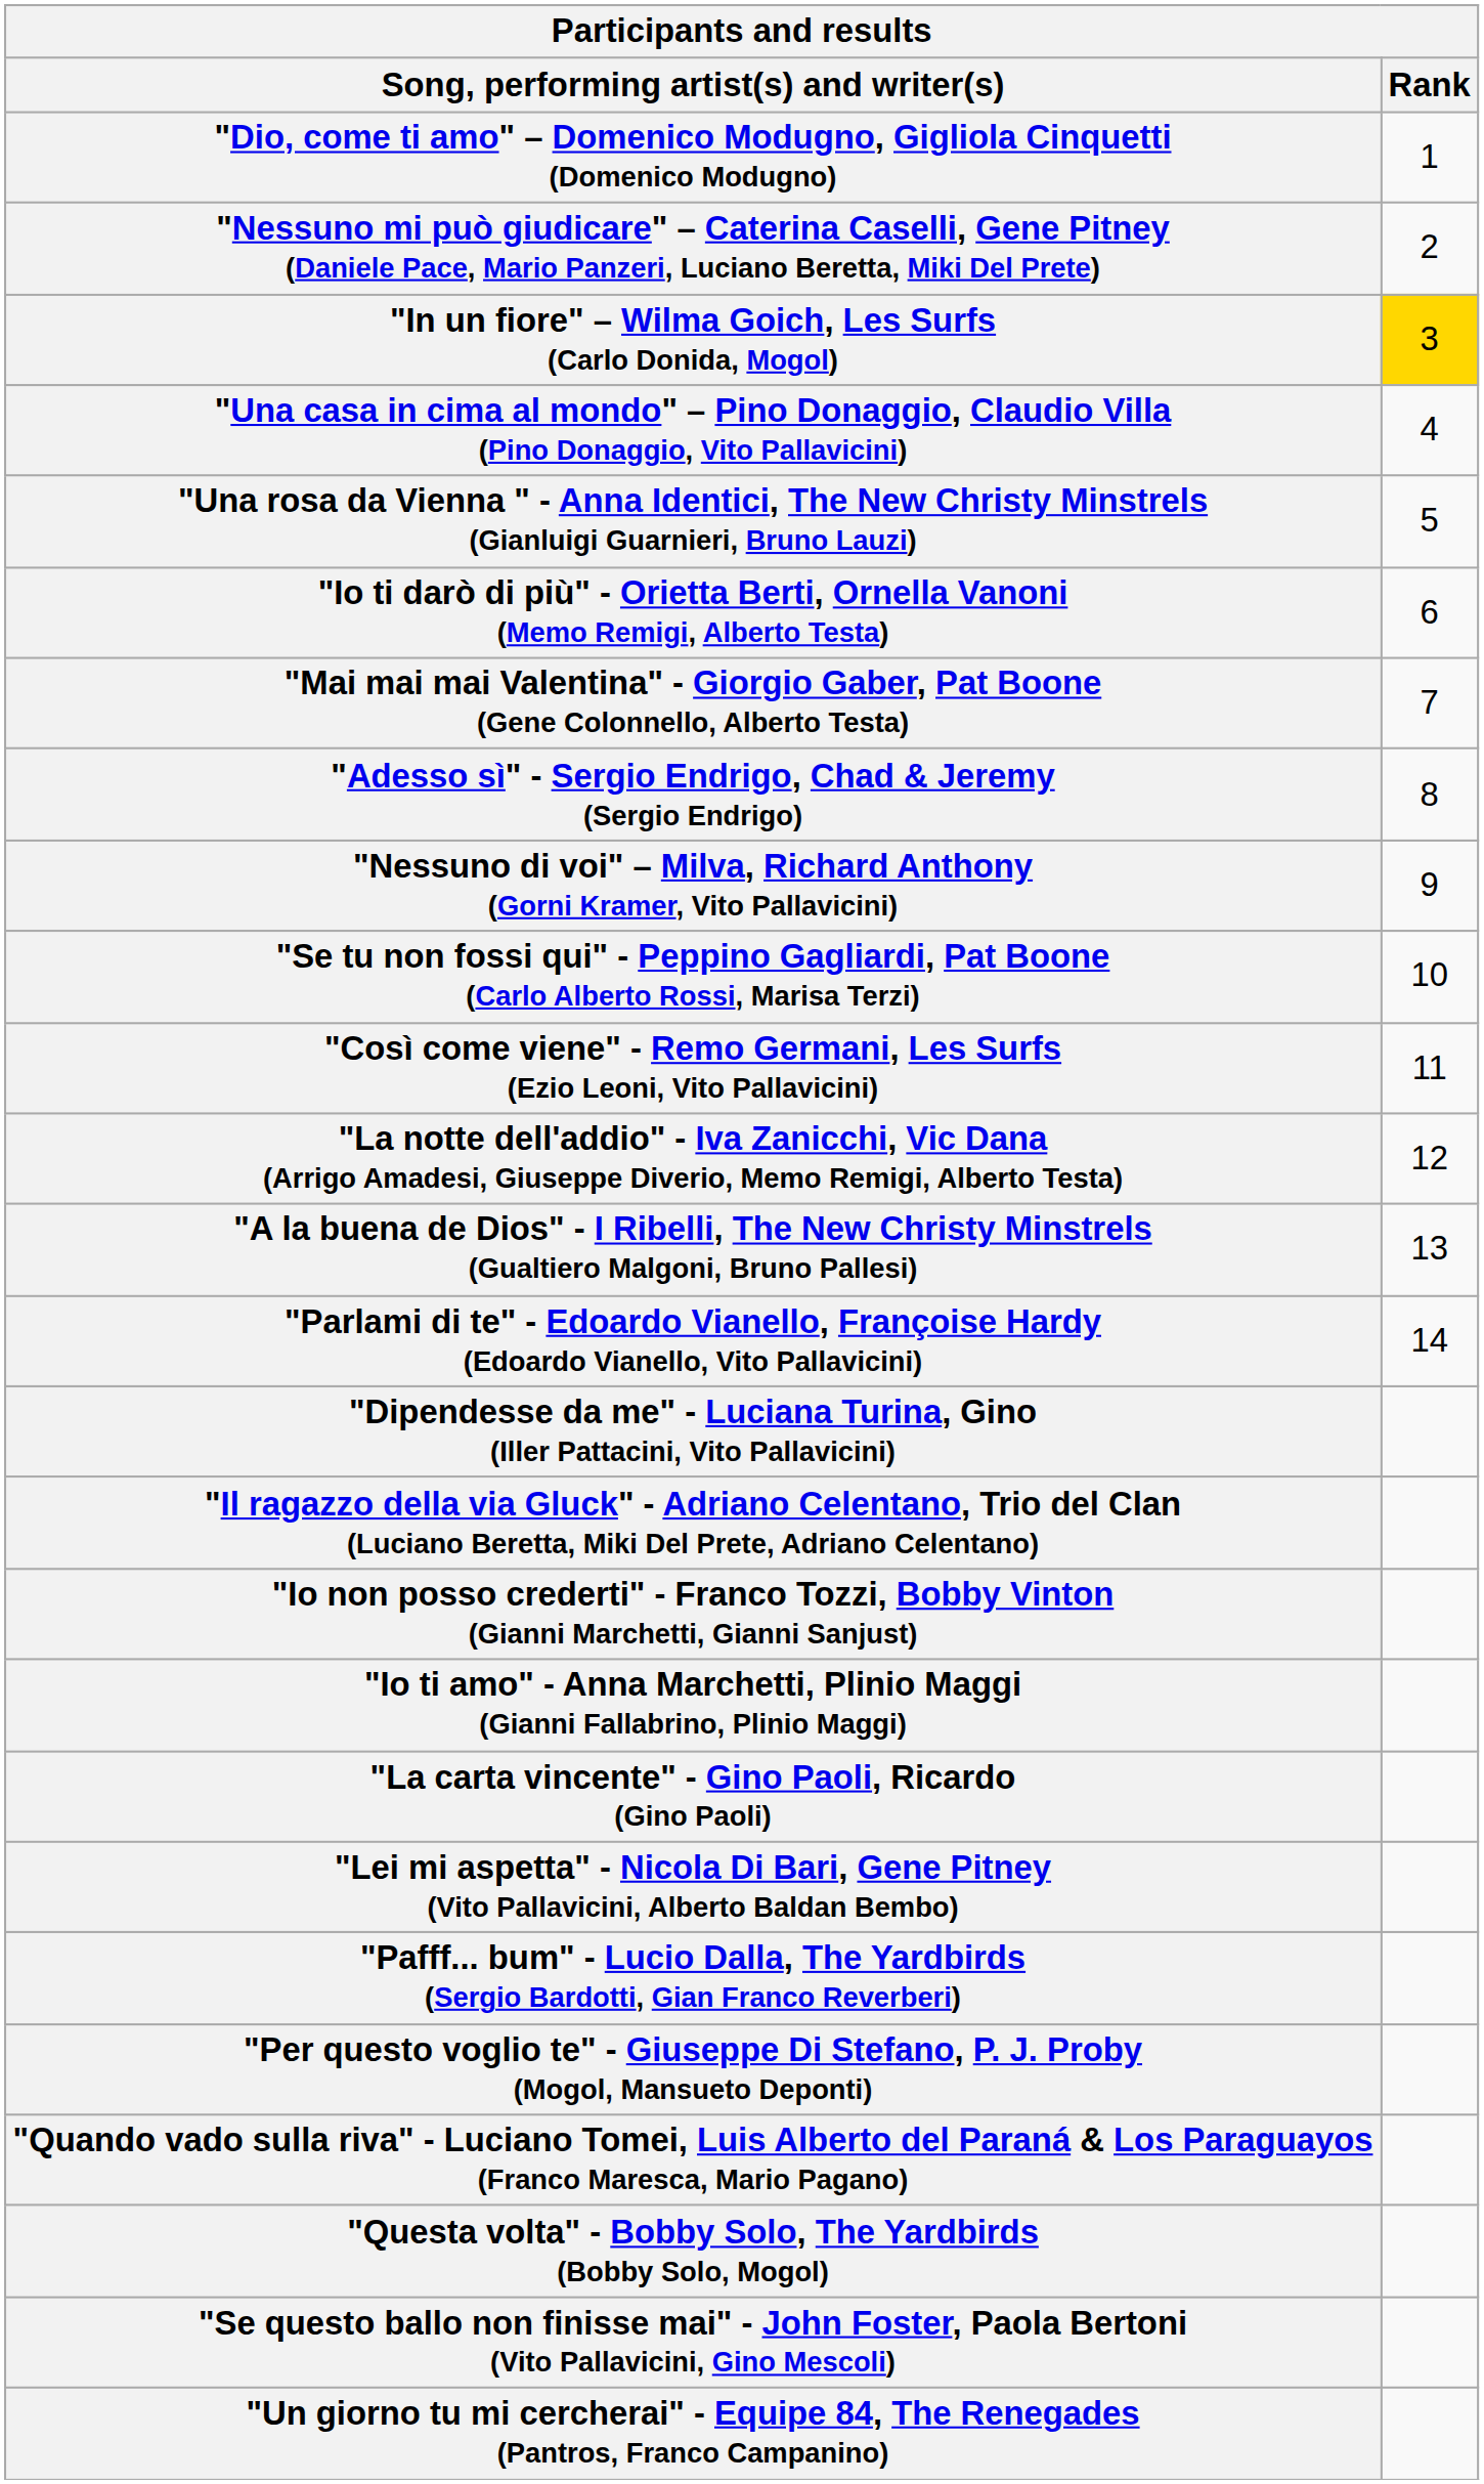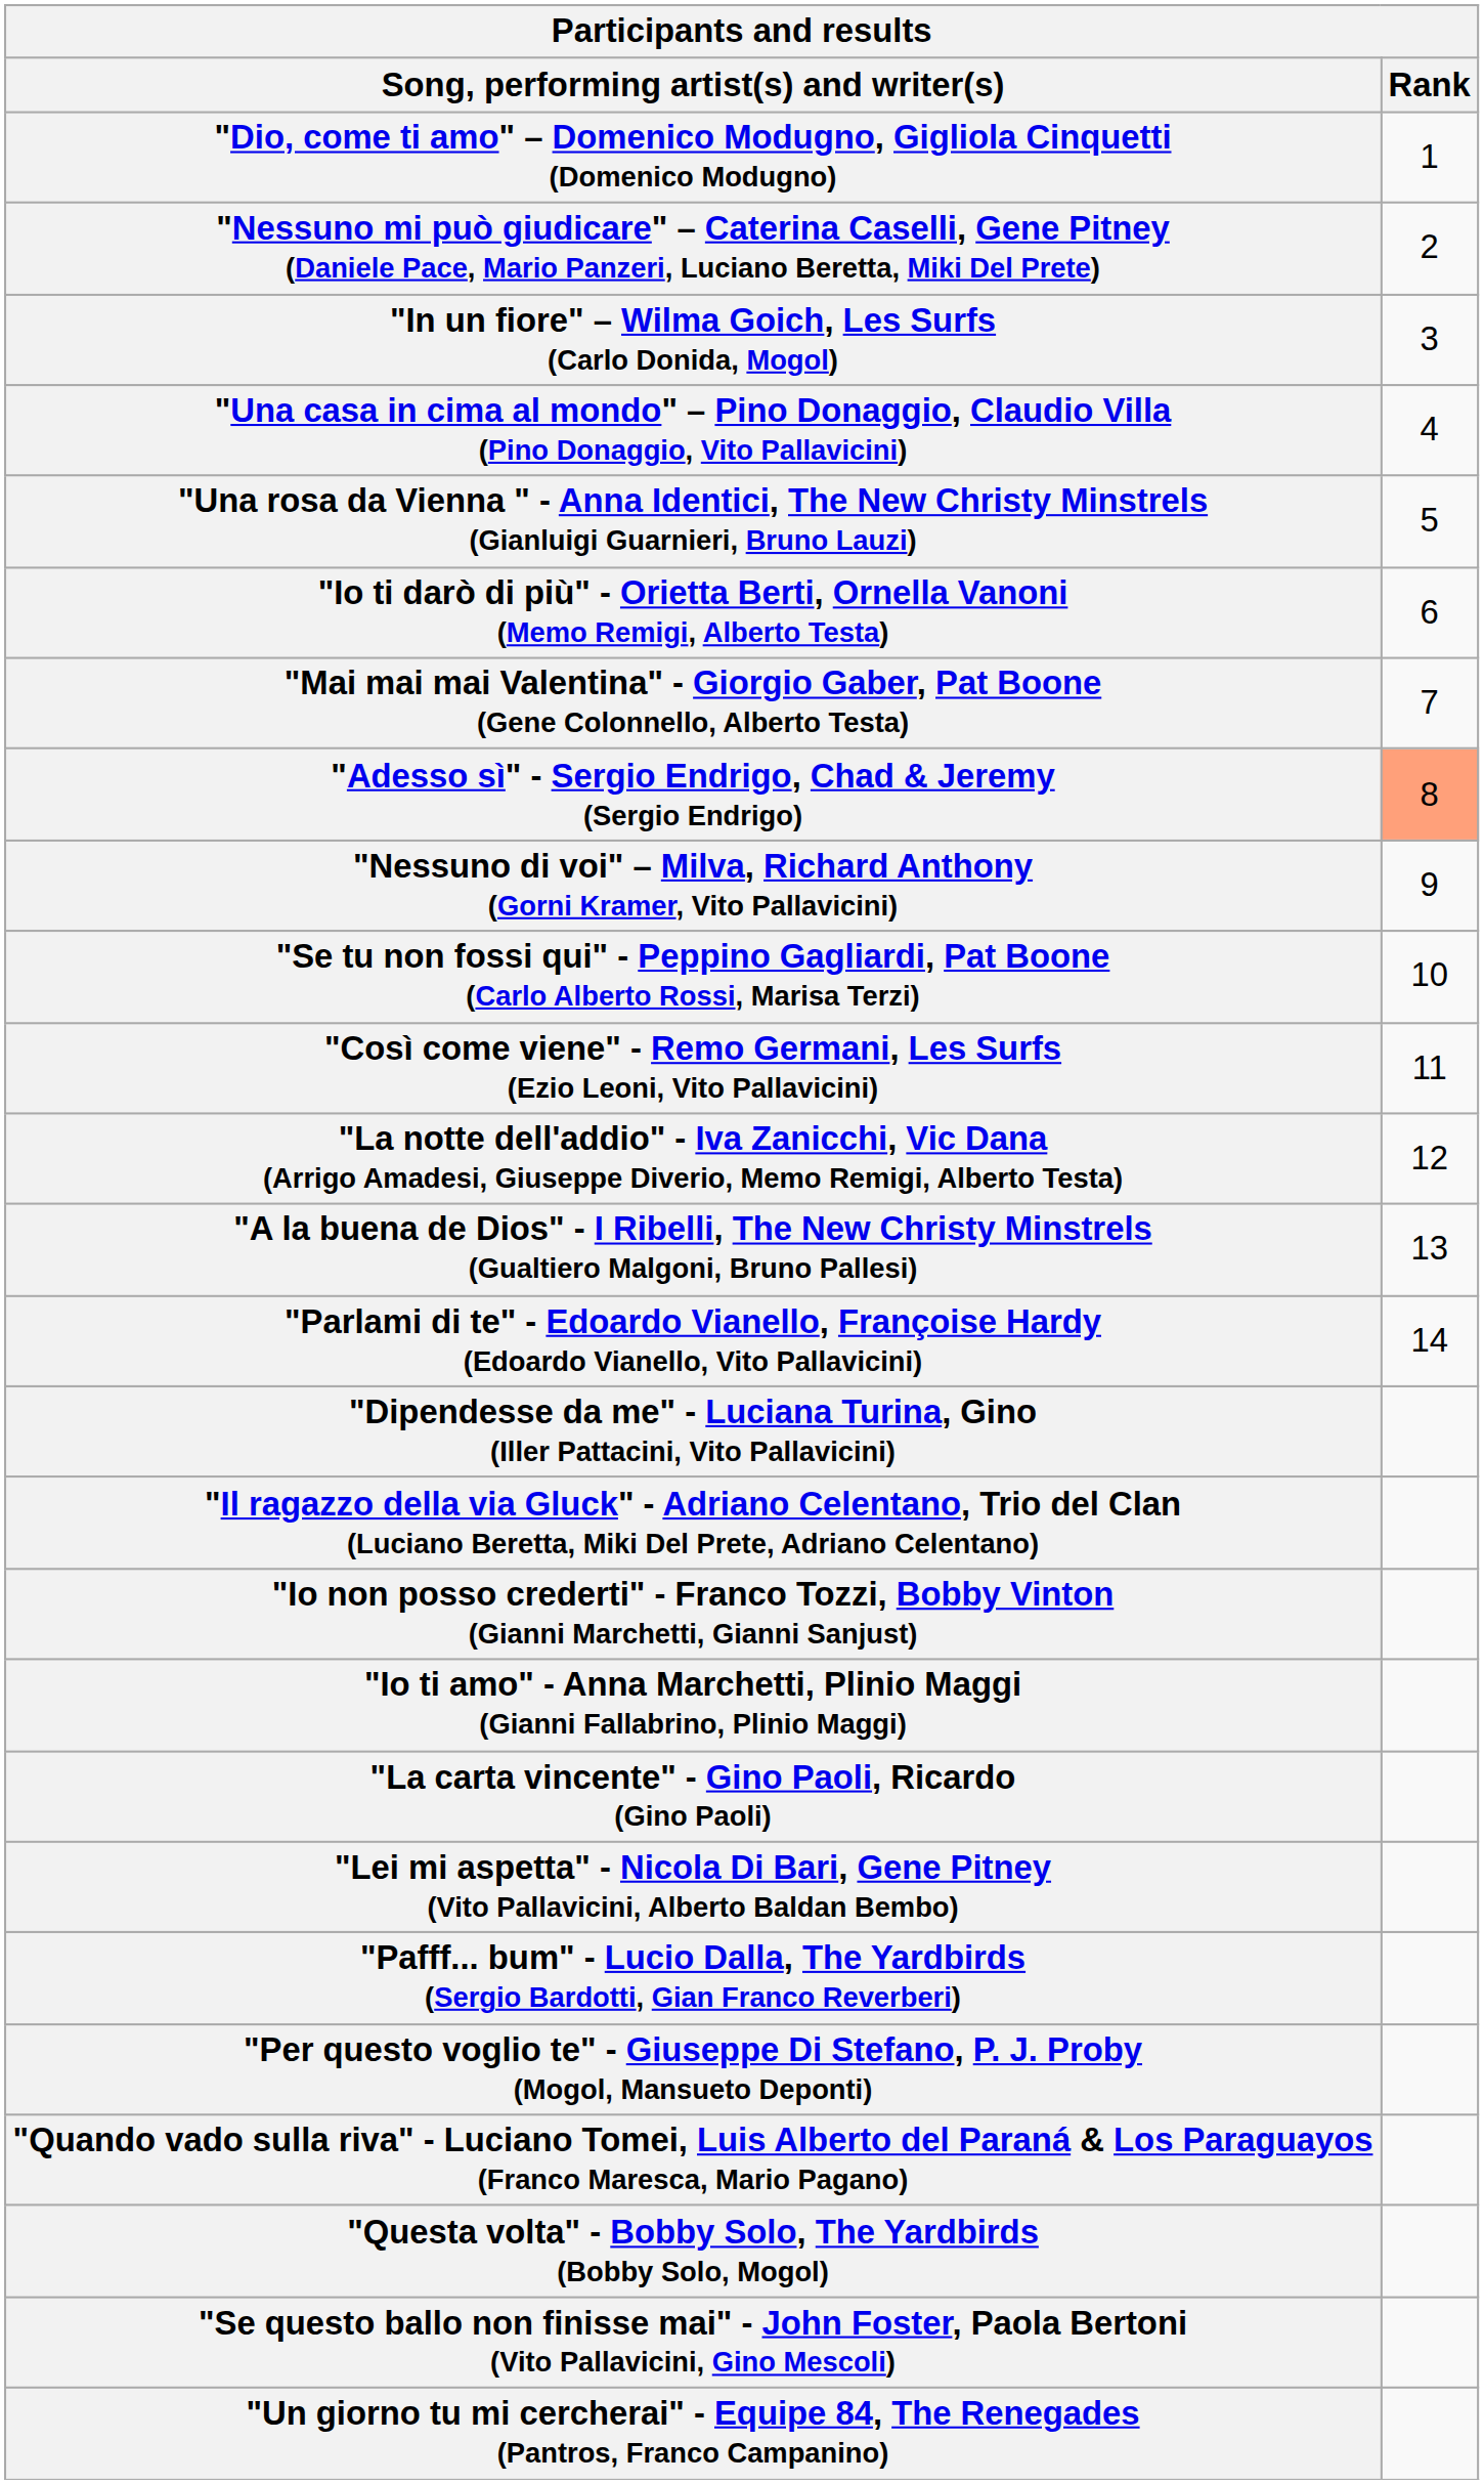 <table class="plainrowheaders wikitable">
 <tr>
 <th colspan="3">Participants and results</th>
 </tr>
 <tr>
 <th>Song, performing artist(s) and writer(s)</th>
 <th>Rank</th>
 </tr>
 <tr>
 <th scope="row">"<a href='#'>Dio, come ti amo</a>" – <a href='#'>Domenico Modugno</a>, <a href='#'>Gigliola Cinquetti</a> <br><small> 	(Domenico Modugno)</small></th>
 <td style="text-align:center;">1</td>
 </tr>
 <tr>
 <th scope="row">"<a href='#'>Nessuno mi può giudicare</a>" –  <a href='#'>Caterina Caselli</a>, <a href='#'>Gene Pitney</a>  <br><small> (<a href='#'>Daniele Pace</a>, <a href='#'>Mario Panzeri</a>, Luciano Beretta, <a href='#'>Miki Del Prete</a>) </small></th>
 <td style="text-align:center;">2</td>
 </tr>
 <tr>
 <th scope="row">"In un fiore" – <a href='#'>Wilma Goich</a>, <a href='#'>Les Surfs</a>  <br><small> 	 (Carlo Donida, <a href='#'>Mogol</a>) </small></th>
-<td style="background: gold; text-align:center;">3</td>
+<td style="text-align:center;">3</td>
 </tr>
 <tr>
 <th scope="row">"<a href='#'>Una casa in cima al mondo</a>"  –  	  <a href='#'>Pino Donaggio</a>, <a href='#'>Claudio Villa</a>  <br><small> (<a href='#'>Pino Donaggio</a>, <a href='#'>Vito Pallavicini</a>) </small></th>
 <td style="text-align:center;">4</td>
 </tr>
 <tr>
 <th scope="row">"Una rosa da Vienna " - <a href='#'>Anna Identici</a>, <a href='#'>The New Christy Minstrels</a>  <br><small>  (Gianluigi Guarnieri, <a href='#'>Bruno Lauzi</a>)   </small></th>
 <td style="text-align:center;">5</td>
 </tr>
 <tr>
 <th scope="row">"Io ti darò di più" -  	<a href='#'>Orietta Berti</a>, <a href='#'>Ornella Vanoni</a> <br><small> (<a href='#'>Memo Remigi</a>, <a href='#'>Alberto Testa</a>)  </small></th>
 <td style="text-align:center;">6</td>
 </tr>
 <tr>
 <th scope="row">"Mai mai mai Valentina" -   <a href='#'>Giorgio Gaber</a>, <a href='#'>Pat Boone</a>  <br><small>   (Gene Colonnello, Alberto Testa)  </small></th>
 <td style="text-align:center;">7</td>
 </tr>
 <tr>
 <th scope="row">"<a href='#'>Adesso sì</a>" -   	   <a href='#'>Sergio Endrigo</a>, <a href='#'>Chad & Jeremy</a>  <br><small> 	(Sergio Endrigo)</small></th>
-<td style="text-align:center;">8</td>
+<td style="background: lightsalmon; text-align:center;">8</td>
 </tr>
 <tr>
 <th scope="row">"Nessuno di voi" – 	 <a href='#'>Milva</a>, <a href='#'>Richard Anthony</a>  <br><small> 	 (<a href='#'>Gorni Kramer</a>, Vito Pallavicini)  </small></th>
 <td style="text-align:center;">9</td>
 </tr>
 <tr>
 <th scope="row">"Se tu non fossi qui" -  	<a href='#'>Peppino Gagliardi</a>, <a href='#'>Pat Boone</a>  <br><small> 	 	 (<a href='#'>Carlo Alberto Rossi</a>, Marisa Terzi)    </small></th>
 <td style="text-align:center;">10</td>
 </tr>
 <tr>
 <th scope="row">"Così come viene" -  	<a href='#'>Remo Germani</a>, <a href='#'>Les Surfs</a> <br><small>   (Ezio Leoni, Vito Pallavicini)    </small></th>
 <td style="text-align:center;">11</td>
 </tr>
 <tr>
 <th scope="row">"La notte dell'addio" -  	<a href='#'>Iva Zanicchi</a>, <a href='#'>Vic Dana</a><br><small>  (Arrigo Amadesi, Giuseppe Diverio, Memo Remigi, Alberto Testa)  </small></th>
 <td style="text-align:center;">12</td>
 </tr>
 <tr>
 <th scope="row">"A la buena de Dios" - <a href='#'>I Ribelli</a>, <a href='#'>The New Christy Minstrels</a>  <br><small>  (Gualtiero Malgoni, Bruno Pallesi) </small></th>
 <td style="text-align:center;">13</td>
 </tr>
 <tr>
 <th scope="row">"Parlami di te" -   <a href='#'>Edoardo Vianello</a>, <a href='#'>Françoise Hardy</a> <br><small> 	 (Edoardo Vianello, Vito Pallavicini)   </small></th>
 <td style="text-align:center;">14</td>
 </tr>
 <tr>
 <th scope="row">"Dipendesse da me" - <a href='#'>Luciana Turina</a>, Gino <br><small> 	 (Iller Pattacini, Vito Pallavicini)    </small></th>
 <td></td>
 </tr>
 <tr>
 <th scope="row">"<a href='#'>Il ragazzo della via Gluck</a>" - <a href='#'>Adriano Celentano</a>, Trio del Clan <br><small> 	 (Luciano Beretta, Miki Del Prete, Adriano Celentano)   </small></th>
 <td></td>
 </tr>
 <tr>
 <th scope="row">"Io non posso crederti" -  Franco Tozzi, <a href='#'>Bobby Vinton</a> <br><small> 	 (Gianni Marchetti, Gianni Sanjust)  </small></th>
 <td></td>
 </tr>
 <tr>
 <th scope="row">"Io ti amo" - Anna Marchetti, Plinio Maggi <br><small>  (Gianni Fallabrino, Plinio Maggi)  </small></th>
 <td></td>
 </tr>
 <tr>
 <th scope="row">"La carta vincente" - <a href='#'>Gino Paoli</a>, Ricardo <br><small>  (Gino Paoli)   </small></th>
 <td></td>
 </tr>
 <tr>
 <th scope="row">"Lei mi aspetta" -  <a href='#'>Nicola Di Bari</a>, <a href='#'>Gene Pitney</a> <br><small>  (Vito Pallavicini, Alberto Baldan Bembo)  </small></th>
 <td></td>
 </tr>
 <tr>
 <th scope="row">"Pafff... bum" -   <a href='#'>Lucio Dalla</a>, <a href='#'>The Yardbirds</a>  <br><small> (<a href='#'>Sergio Bardotti</a>, <a href='#'>Gian Franco Reverberi</a>)  </small></th>
 <td></td>
 </tr>
 <tr>
 <th scope="row">"Per questo voglio te" - <a href='#'>Giuseppe Di Stefano</a>, <a href='#'>P. J. Proby</a> <br><small> 	 (Mogol, Mansueto Deponti)  </small></th>
 <td></td>
 </tr>
 <tr>
 <th scope="row">"Quando vado sulla riva" -  Luciano Tomei, <a href='#'>Luis Alberto del Paraná</a> & <a href='#'>Los Paraguayos</a>  <br><small>  (Franco Maresca, Mario Pagano)  </small></th>
 <td></td>
 </tr>
 <tr>
 <th scope="row">"Questa volta" -  <a href='#'>Bobby Solo</a>, <a href='#'>The Yardbirds</a>   <br><small> 	 (Bobby Solo, Mogol) </small></th>
 <td></td>
 </tr>
 <tr>
 <th scope="row">"Se questo ballo non finisse mai" - <a href='#'>John Foster</a>, Paola Bertoni  <br><small> 	 (Vito Pallavicini, <a href='#'>Gino Mescoli</a>)  </small></th>
 <td></td>
 </tr>
 <tr>
 <th scope="row">"Un giorno tu mi cercherai" - <a href='#'>Equipe 84</a>, <a href='#'>The Renegades</a>   <br><small> 	 (Pantros, Franco Campanino) </small></th>
 <td></td>
 </tr>
 <tr>
 </tr>
 </table>
